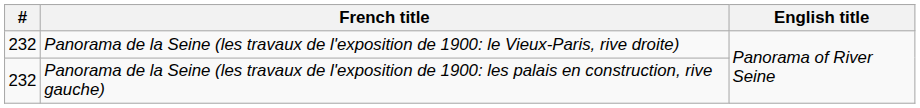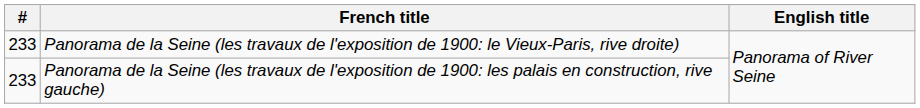 <table class="wikitable">
 <tr>
 <th>#</th>
 <th>French title</th>
 <th>English title</th>
 </tr>
 <tr>
-<td>232</td>
+<td>233</td>
 <td><em>Panorama de la Seine (les travaux de l'exposition de 1900: le Vieux-Paris, rive droite)</em></td>
 <td rowspan="2"><em>Panorama of River Seine</em></td>
 </tr>
 <tr>
-<td>232</td>
+<td>233</td>
 <td><em>Panorama de la Seine (les travaux de l'exposition de 1900: les palais en construction, rive gauche)</em></td>
 </tr>
 </table>
